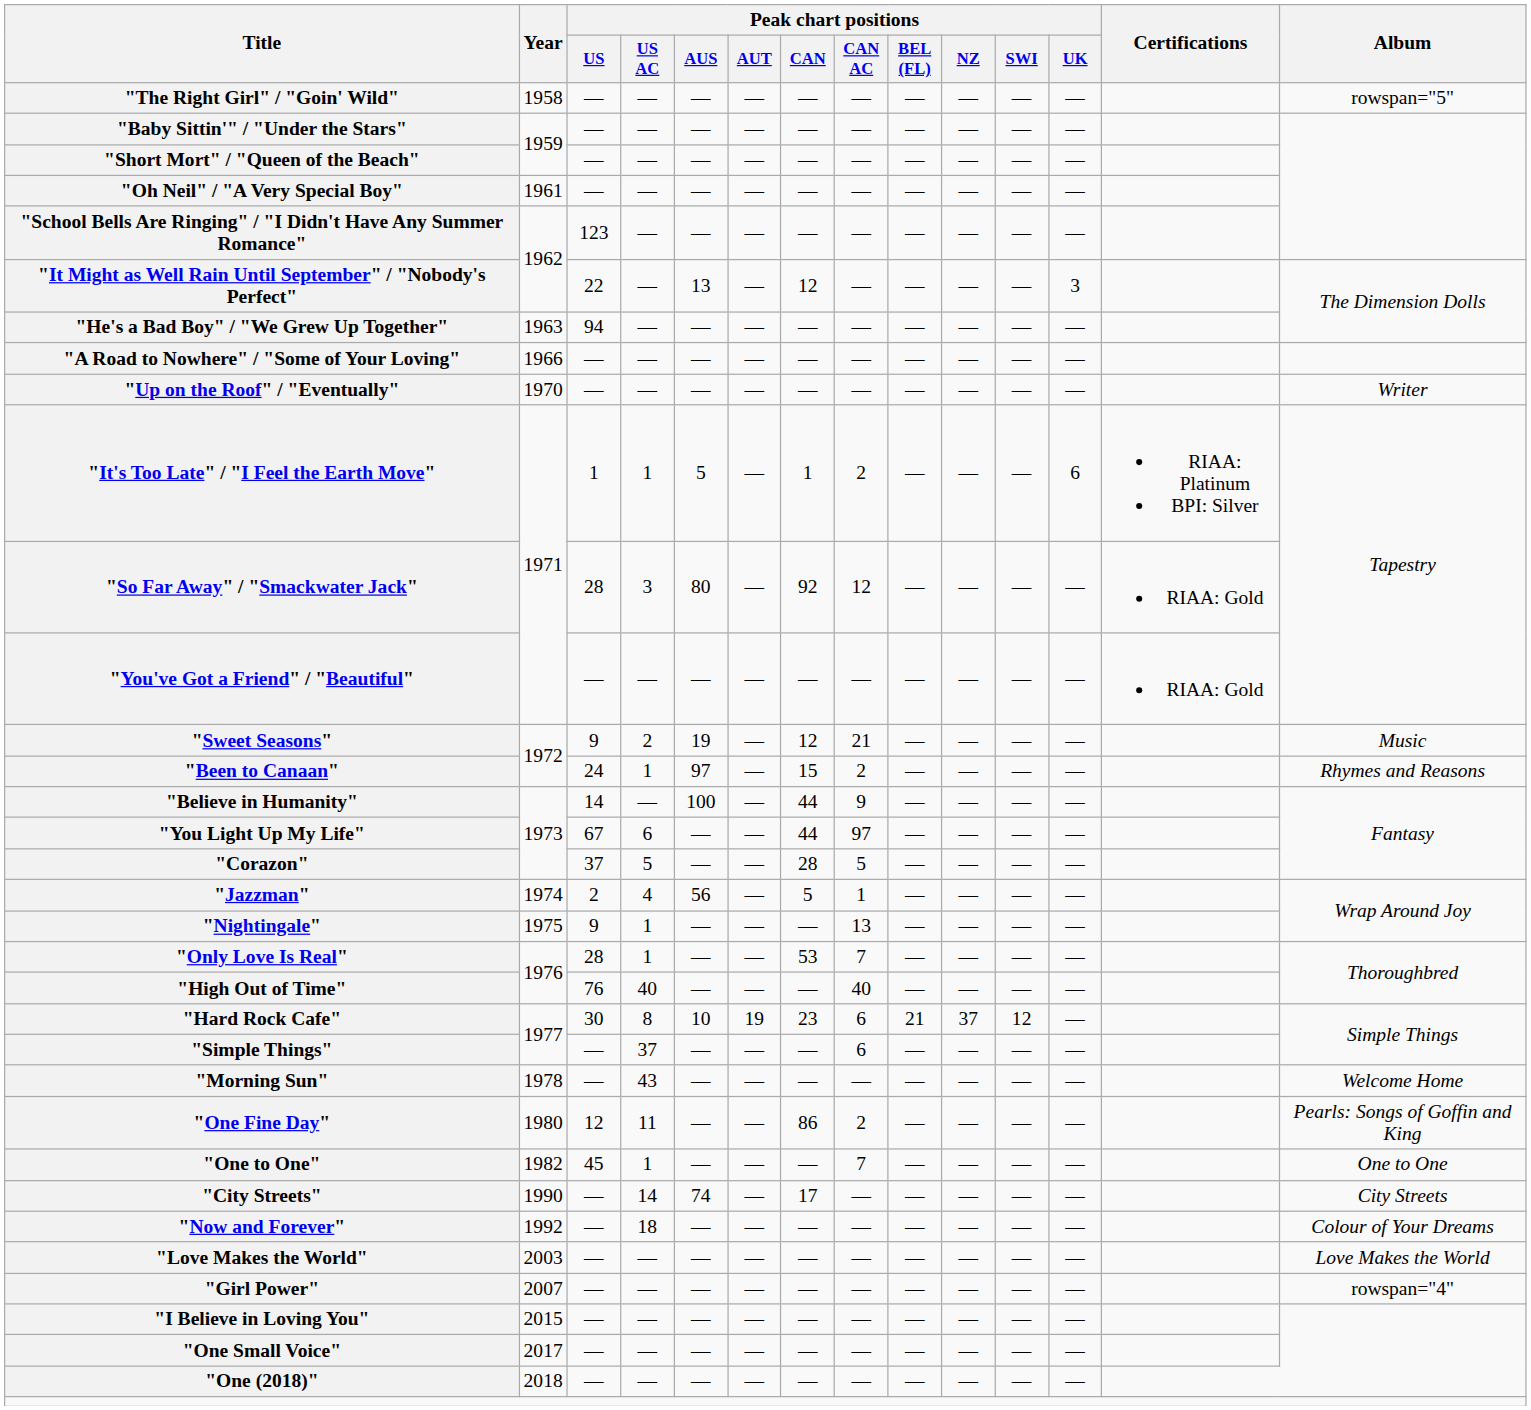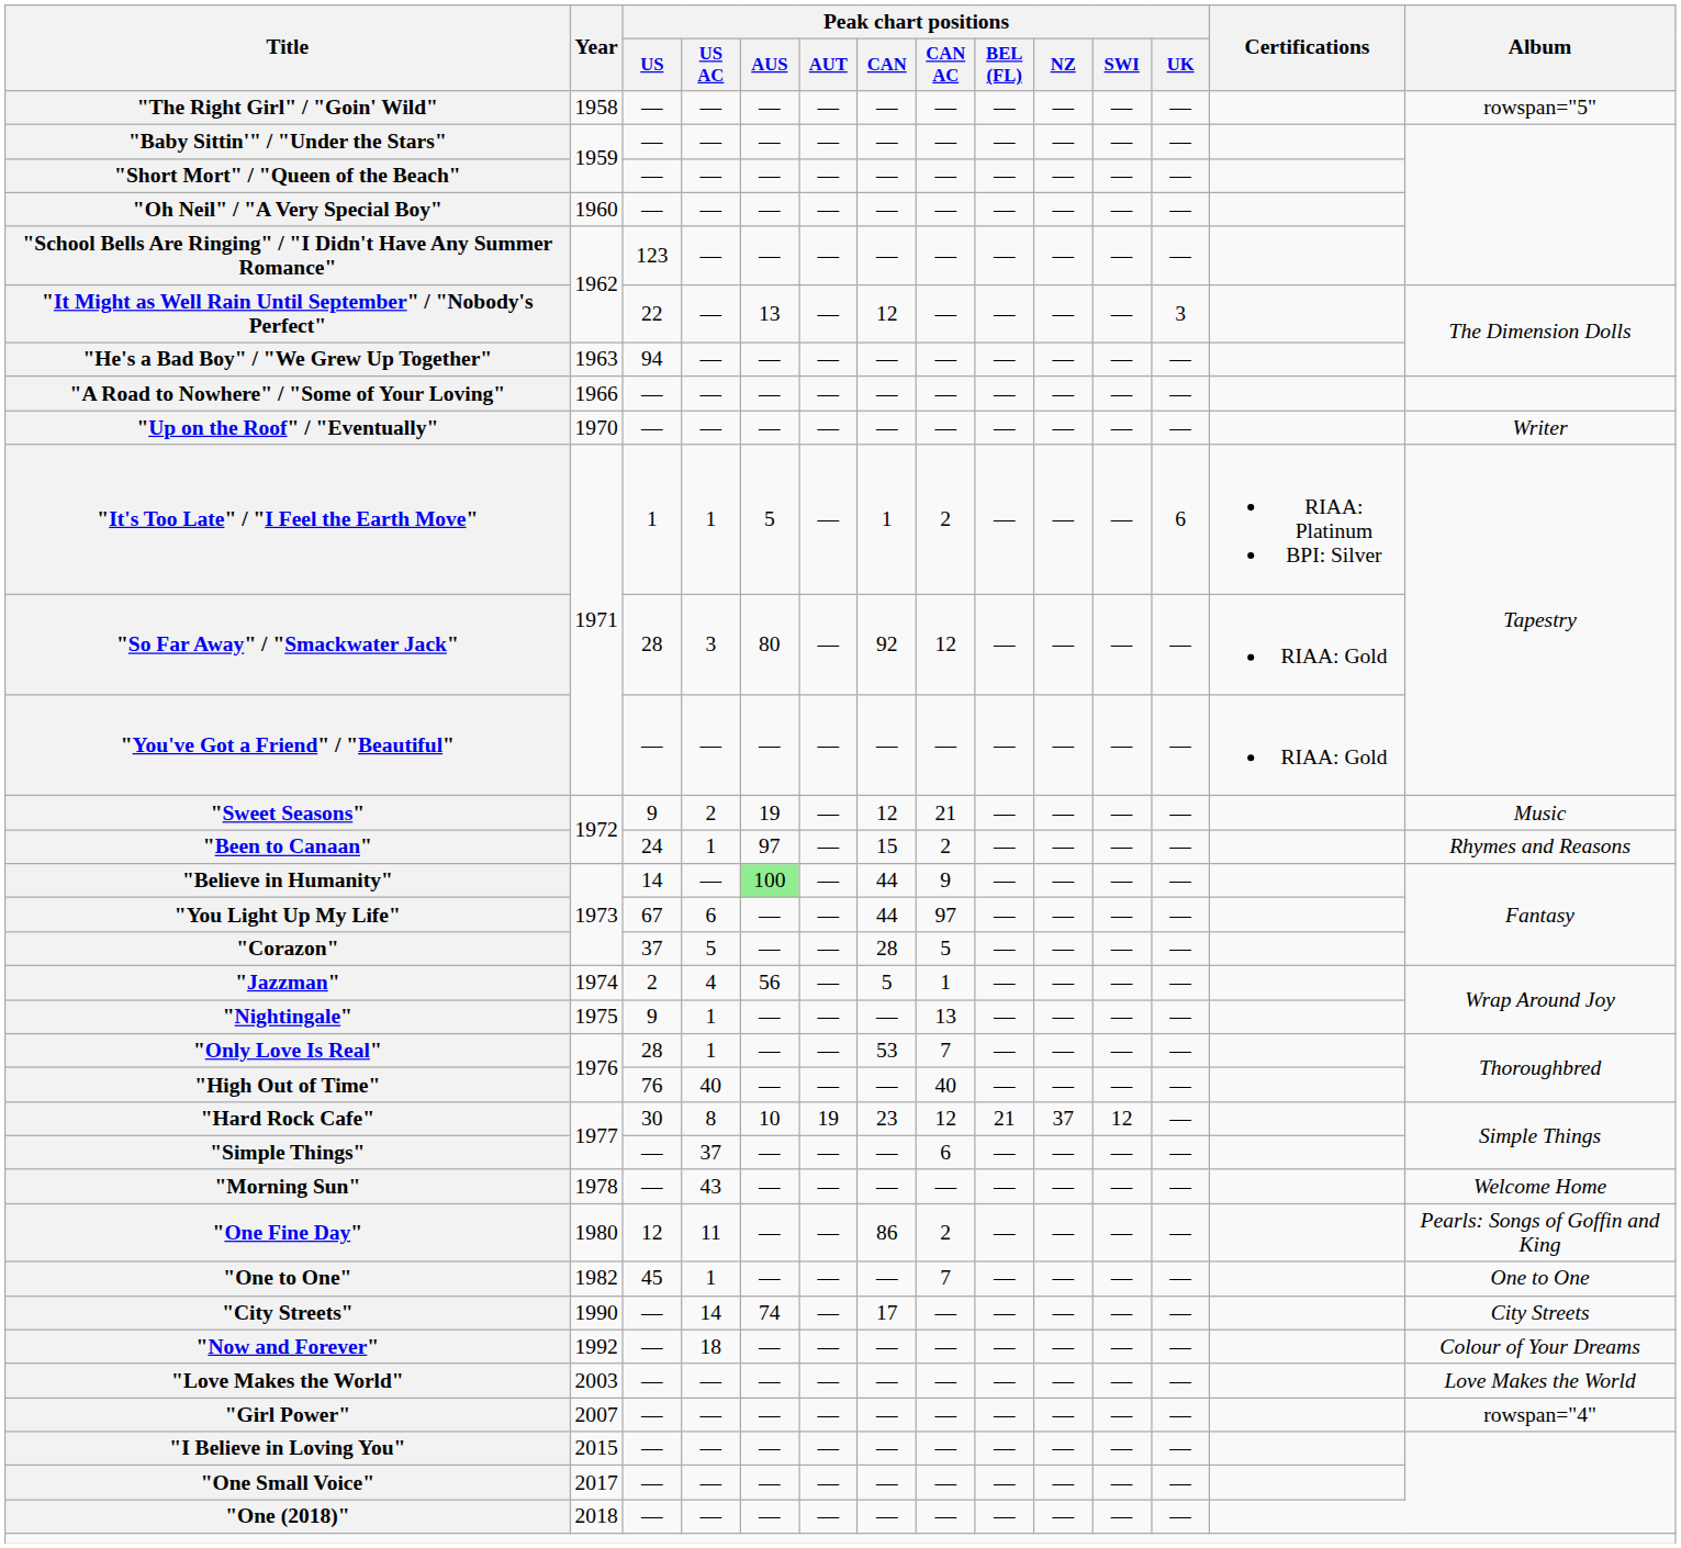 <table class="wikitable plainrowheaders" style="text-align:center;">
 <tr>
 <th rowspan="2">Title</th>
 <th rowspan="2">Year</th>
 <th colspan="10">Peak chart positions</th>
 <th rowspan="2">Certifications</th>
 <th rowspan="2">Album</th>
 </tr>
 <tr>
 <th scope="col" style="width:2.75em;font-size:85%;"><a href='#'>US</a><br></th>
 <th scope="col" style="width:2.75em;font-size:85%;"><a href='#'>US AC</a><br></th>
 <th scope="col" style="width:2.75em;font-size:85%;"><a href='#'>AUS</a><br></th>
 <th scope="col" style="width:2.75em;font-size:85%;"><a href='#'>AUT</a><br></th>
 <th scope="col" style="width:2.75em;font-size:85%;"><a href='#'>CAN</a><br></th>
 <th scope="col" style="width:2.75em;font-size:85%;"><a href='#'>CAN AC</a><br></th>
 <th scope="col" style="width:2.75em;font-size:85%;"><a href='#'>BEL (FL)</a><br></th>
 <th scope="col" style="width:2.75em;font-size:85%;"><a href='#'>NZ</a><br></th>
 <th scope="col" style="width:2.75em;font-size:85%;"><a href='#'>SWI</a><br></th>
 <th scope="col" style="width:2.75em;font-size:85%;"><a href='#'>UK</a><br></th>
 </tr>
 <tr>
 <th scope="row">"The Right Girl" / "Goin' Wild"</th>
 <td>1958</td>
 <td>—</td>
 <td>—</td>
 <td>—</td>
 <td>—</td>
 <td>—</td>
 <td>—</td>
 <td>—</td>
 <td>—</td>
 <td>—</td>
 <td>—</td>
 <td></td>
 <td>rowspan="5" </td>
 </tr>
 <tr>
 <th scope="row">"Baby Sittin'" / "Under the Stars"</th>
 <td rowspan="2">1959</td>
 <td>—</td>
 <td>—</td>
 <td>—</td>
 <td>—</td>
 <td>—</td>
 <td>—</td>
 <td>—</td>
 <td>—</td>
 <td>—</td>
 <td>—</td>
 <td></td>
 </tr>
 <tr>
 <th scope="row">"Short Mort" / "Queen of the Beach"</th>
 <td>—</td>
 <td>—</td>
 <td>—</td>
 <td>—</td>
 <td>—</td>
 <td>—</td>
 <td>—</td>
 <td>—</td>
 <td>—</td>
 <td>—</td>
 <td></td>
 </tr>
 <tr>
 <th scope="row">"Oh Neil" / "A Very Special Boy"</th>
-<td>1961</td>
+<td>1960</td>
 <td>—</td>
 <td>—</td>
 <td>—</td>
 <td>—</td>
 <td>—</td>
 <td>—</td>
 <td>—</td>
 <td>—</td>
 <td>—</td>
 <td>—</td>
 <td></td>
 </tr>
 <tr>
 <th scope="row">"School Bells Are Ringing" / "I Didn't Have Any Summer Romance"</th>
 <td rowspan="2">1962</td>
 <td>123</td>
 <td>—</td>
 <td>—</td>
 <td>—</td>
 <td>—</td>
 <td>—</td>
 <td>—</td>
 <td>—</td>
 <td>—</td>
 <td>—</td>
 <td></td>
 </tr>
 <tr>
 <th scope="row">"<a href='#'>It Might as Well Rain Until September</a>" / "Nobody's Perfect"</th>
 <td>22</td>
 <td>—</td>
 <td>13</td>
 <td>—</td>
 <td>12</td>
 <td>—</td>
 <td>—</td>
 <td>—</td>
 <td>—</td>
 <td>3</td>
 <td></td>
 <td rowspan="2"><em>The Dimension Dolls</em></td>
 </tr>
 <tr>
 <th scope="row">"He's a Bad Boy" / "We Grew Up Together"</th>
 <td>1963</td>
 <td>94</td>
 <td>—</td>
 <td>—</td>
 <td>—</td>
 <td>—</td>
 <td>—</td>
 <td>—</td>
 <td>—</td>
 <td>—</td>
 <td>—</td>
 <td></td>
 </tr>
 <tr>
 <th scope="row">"A Road to Nowhere" / "Some of Your Loving"</th>
 <td>1966</td>
 <td>—</td>
 <td>—</td>
 <td>—</td>
 <td>—</td>
 <td>—</td>
 <td>—</td>
 <td>—</td>
 <td>—</td>
 <td>—</td>
 <td>—</td>
 <td></td>
 <td></td>
 </tr>
 <tr>
 <th scope="row">"<a href='#'>Up on the Roof</a>" / "Eventually"</th>
 <td>1970</td>
 <td>—</td>
 <td>—</td>
 <td>—</td>
 <td>—</td>
 <td>—</td>
 <td>—</td>
 <td>—</td>
 <td>—</td>
 <td>—</td>
 <td>—</td>
 <td></td>
 <td><em>Writer</em></td>
 </tr>
 <tr>
 <th scope="row">"<a href='#'>It's Too Late</a>" / "<a href='#'>I Feel the Earth Move</a>"</th>
 <td rowspan="3">1971</td>
 <td>1</td>
 <td>1</td>
 <td>5</td>
 <td>—</td>
 <td>1</td>
 <td>2</td>
 <td>—</td>
 <td>—</td>
 <td>—</td>
 <td>6</td>
 <td><br><ul><li>RIAA: Platinum</li><li>BPI: Silver</li></ul></td>
 <td rowspan="3"><em>Tapestry</em></td>
 </tr>
 <tr>
 <th scope="row">"<a href='#'>So Far Away</a>" / "<a href='#'>Smackwater Jack</a>"</th>
 <td>28</td>
 <td>3</td>
 <td>80</td>
 <td>—</td>
 <td>92</td>
 <td>12</td>
 <td>—</td>
 <td>—</td>
 <td>—</td>
 <td>—</td>
 <td><br><ul><li>RIAA: Gold</li></ul></td>
 </tr>
 <tr>
 <th scope="row">"<a href='#'>You've Got a Friend</a>" / "<a href='#'>Beautiful</a>"</th>
 <td>—</td>
 <td>—</td>
 <td>—</td>
 <td>—</td>
 <td>—</td>
 <td>—</td>
 <td>—</td>
 <td>—</td>
 <td>—</td>
 <td>—</td>
 <td><br><ul><li>RIAA: Gold</li></ul></td>
 </tr>
 <tr>
 <th scope="row">"<a href='#'>Sweet Seasons</a>"</th>
 <td rowspan="2">1972</td>
 <td>9</td>
 <td>2</td>
 <td>19</td>
 <td>—</td>
 <td>12</td>
 <td>21</td>
 <td>—</td>
 <td>—</td>
 <td>—</td>
 <td>—</td>
 <td></td>
 <td><em>Music</em></td>
 </tr>
 <tr>
 <th scope="row">"<a href='#'>Been to Canaan</a>"</th>
 <td>24</td>
 <td>1</td>
 <td>97</td>
 <td>—</td>
 <td>15</td>
 <td>2</td>
 <td>—</td>
 <td>—</td>
 <td>—</td>
 <td>—</td>
 <td></td>
 <td><em>Rhymes and Reasons</em></td>
 </tr>
 <tr>
 <th scope="row">"Believe in Humanity"</th>
 <td rowspan="3">1973</td>
 <td>14</td>
 <td>—</td>
-<td>100</td>
+<td style="background: lightgreen;">100</td>
 <td>—</td>
 <td>44</td>
 <td>9</td>
 <td>—</td>
 <td>—</td>
 <td>—</td>
 <td>—</td>
 <td></td>
 <td rowspan="3"><em>Fantasy</em></td>
 </tr>
 <tr>
 <th scope="row">"You Light Up My Life"</th>
 <td>67</td>
 <td>6</td>
 <td>—</td>
 <td>—</td>
 <td>44</td>
 <td>97</td>
 <td>—</td>
 <td>—</td>
 <td>—</td>
 <td>—</td>
 <td></td>
 </tr>
 <tr>
 <th scope="row">"Corazon"</th>
 <td>37</td>
 <td>5</td>
 <td>—</td>
 <td>—</td>
 <td>28</td>
 <td>5</td>
 <td>—</td>
 <td>—</td>
 <td>—</td>
 <td>—</td>
 <td></td>
 </tr>
 <tr>
 <th scope="row">"<a href='#'>Jazzman</a>"</th>
 <td>1974</td>
 <td>2</td>
 <td>4</td>
 <td>56</td>
 <td>—</td>
 <td>5</td>
 <td>1</td>
 <td>—</td>
 <td>—</td>
 <td>—</td>
 <td>—</td>
 <td></td>
 <td rowspan="2"><em>Wrap Around Joy</em></td>
 </tr>
 <tr>
 <th scope="row">"<a href='#'>Nightingale</a>"</th>
 <td>1975</td>
 <td>9</td>
 <td>1</td>
 <td>—</td>
 <td>—</td>
 <td>—</td>
 <td>13</td>
 <td>—</td>
 <td>—</td>
 <td>—</td>
 <td>—</td>
 <td></td>
 </tr>
 <tr>
 <th scope="row">"<a href='#'>Only Love Is Real</a>"</th>
 <td rowspan="2">1976</td>
 <td>28</td>
 <td>1</td>
 <td>—</td>
 <td>—</td>
 <td>53</td>
 <td>7</td>
 <td>—</td>
 <td>—</td>
 <td>—</td>
 <td>—</td>
 <td></td>
 <td rowspan="2"><em>Thoroughbred</em></td>
 </tr>
 <tr>
 <th scope="row">"High Out of Time"</th>
 <td>76</td>
 <td>40</td>
 <td>—</td>
 <td>—</td>
 <td>—</td>
 <td>40</td>
 <td>—</td>
 <td>—</td>
 <td>—</td>
 <td>—</td>
 <td></td>
 </tr>
 <tr>
 <th scope="row">"Hard Rock Cafe"</th>
 <td rowspan="2">1977</td>
 <td>30</td>
 <td>8</td>
 <td>10</td>
 <td>19</td>
 <td>23</td>
-<td>6</td>
+<td>12</td>
 <td>21</td>
 <td>37</td>
 <td>12</td>
 <td>—</td>
 <td></td>
 <td rowspan="2"><em>Simple Things</em></td>
 </tr>
 <tr>
 <th scope="row">"Simple Things"</th>
 <td>—</td>
 <td>37</td>
 <td>—</td>
 <td>—</td>
 <td>—</td>
 <td>6</td>
 <td>—</td>
 <td>—</td>
 <td>—</td>
 <td>—</td>
 <td></td>
 </tr>
 <tr>
 <th scope="row">"Morning Sun"</th>
 <td>1978</td>
 <td>—</td>
 <td>43</td>
 <td>—</td>
 <td>—</td>
 <td>—</td>
 <td>—</td>
 <td>—</td>
 <td>—</td>
 <td>—</td>
 <td>—</td>
 <td></td>
 <td><em>Welcome Home</em></td>
 </tr>
 <tr>
 <th scope="row">"<a href='#'>One Fine Day</a>"</th>
 <td>1980</td>
 <td>12</td>
 <td>11</td>
 <td>—</td>
 <td>—</td>
 <td>86</td>
 <td>2</td>
 <td>—</td>
 <td>—</td>
 <td>—</td>
 <td>—</td>
 <td></td>
 <td><em>Pearls: Songs of Goffin and King</em></td>
 </tr>
 <tr>
 <th scope="row">"One to One"</th>
 <td>1982</td>
 <td>45</td>
 <td>1</td>
 <td>—</td>
 <td>—</td>
 <td>—</td>
 <td>7</td>
 <td>—</td>
 <td>—</td>
 <td>—</td>
 <td>—</td>
 <td></td>
 <td><em>One to One</em></td>
 </tr>
 <tr>
 <th scope="row">"City Streets"</th>
 <td>1990</td>
 <td>—</td>
 <td>14</td>
 <td>74</td>
 <td>—</td>
 <td>17</td>
 <td>—</td>
 <td>—</td>
 <td>—</td>
 <td>—</td>
 <td>—</td>
 <td></td>
 <td><em>City Streets</em></td>
 </tr>
 <tr>
 <th scope="row">"<a href='#'>Now and Forever</a>"</th>
 <td>1992</td>
 <td>—</td>
 <td>18</td>
 <td>—</td>
 <td>—</td>
 <td>—</td>
 <td>—</td>
 <td>—</td>
 <td>—</td>
 <td>—</td>
 <td>—</td>
 <td></td>
 <td><em>Colour of Your Dreams</em></td>
 </tr>
 <tr>
 <th scope="row">"Love Makes the World"</th>
 <td>2003</td>
 <td>—</td>
 <td>—</td>
 <td>—</td>
 <td>—</td>
 <td>—</td>
 <td>—</td>
 <td>—</td>
 <td>—</td>
 <td>—</td>
 <td>—</td>
 <td></td>
 <td><em>Love Makes the World</em></td>
 </tr>
 <tr>
 <th scope="row">"Girl Power"</th>
 <td>2007</td>
 <td>—</td>
 <td>—</td>
 <td>—</td>
 <td>—</td>
 <td>—</td>
 <td>—</td>
 <td>—</td>
 <td>—</td>
 <td>—</td>
 <td>—</td>
 <td></td>
 <td>rowspan="4" </td>
 </tr>
 <tr>
 <th scope="row">"I Believe in Loving You"</th>
 <td>2015</td>
 <td>—</td>
 <td>—</td>
 <td>—</td>
 <td>—</td>
 <td>—</td>
 <td>—</td>
 <td>—</td>
 <td>—</td>
 <td>—</td>
 <td>—</td>
 <td></td>
 </tr>
 <tr>
 <th scope="row">"One Small Voice"</th>
 <td>2017</td>
 <td>—</td>
 <td>—</td>
 <td>—</td>
 <td>—</td>
 <td>—</td>
 <td>—</td>
 <td>—</td>
 <td>—</td>
 <td>—</td>
 <td>—</td>
 <td></td>
 </tr>
 <tr>
 <th scope="row">"One (2018)"</th>
 <td>2018</td>
 <td>—</td>
 <td>—</td>
 <td>—</td>
 <td>—</td>
 <td>—</td>
 <td>—</td>
 <td>—</td>
 <td>—</td>
 <td>—</td>
 <td>—</td>
 </tr>
 <tr>
 <td colspan="14"></td>
 </tr>
 </table>
